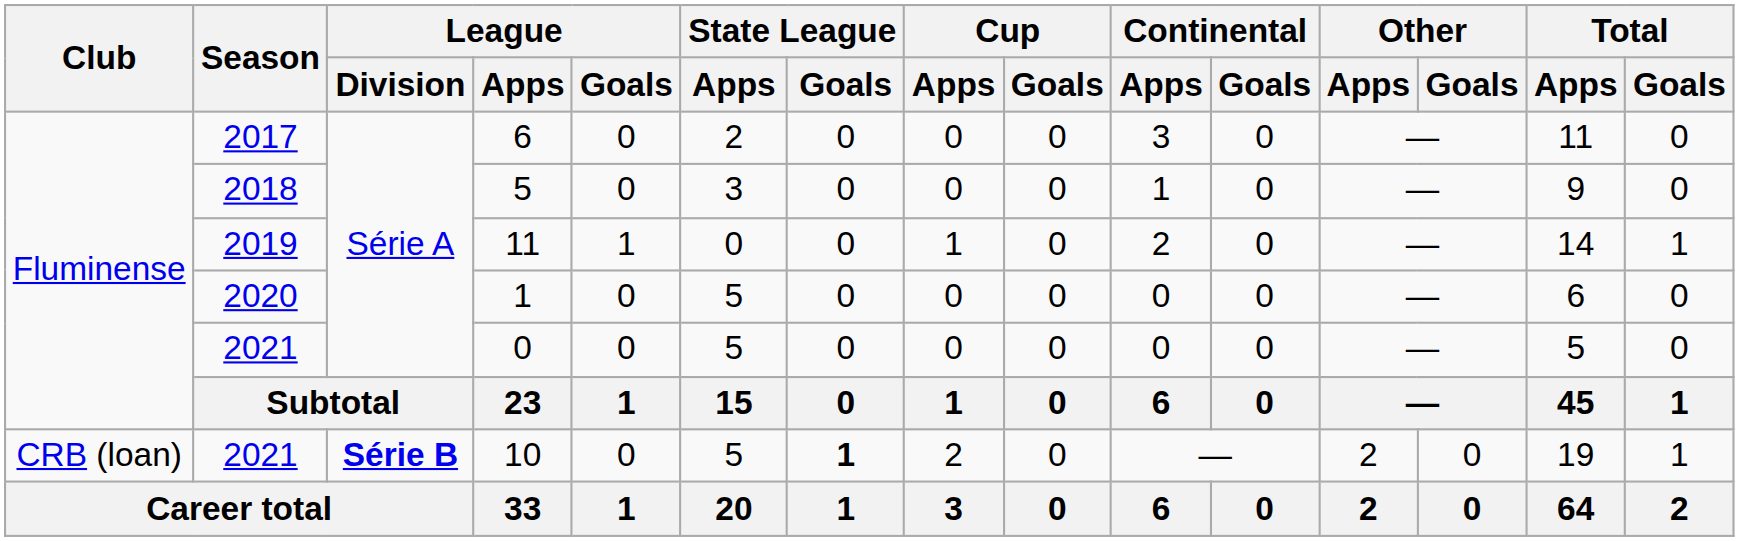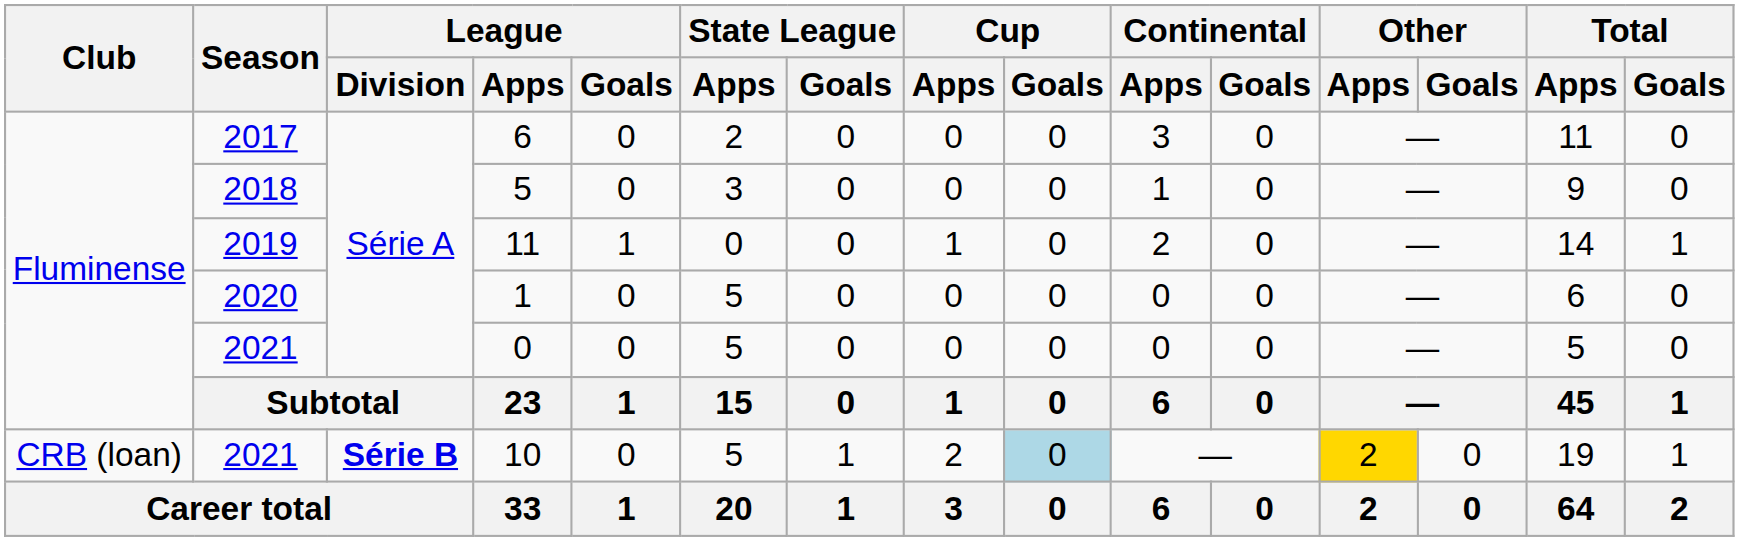 <table class="wikitable" style="text-align: center;">
 <tr>
 <th rowspan="2">Club</th>
 <th rowspan="2">Season</th>
 <th colspan="3">League</th>
 <th colspan="2">State League</th>
 <th colspan="2">Cup</th>
 <th colspan="2">Continental</th>
 <th colspan="2">Other</th>
 <th colspan="2">Total</th>
 </tr>
 <tr>
 <th>Division</th>
 <th>Apps</th>
 <th>Goals</th>
 <th>Apps</th>
 <th>Goals</th>
 <th>Apps</th>
 <th>Goals</th>
 <th>Apps</th>
 <th>Goals</th>
 <th>Apps</th>
 <th>Goals</th>
 <th>Apps</th>
 <th>Goals</th>
 </tr>
 <tr>
 <td rowspan="6" valign="center"><a href='#'>Fluminense</a></td>
 <td><a href='#'>2017</a></td>
 <td rowspan="5"><a href='#'>Série A</a></td>
 <td>6</td>
 <td>0</td>
 <td>2</td>
 <td>0</td>
 <td>0</td>
 <td>0</td>
 <td>3</td>
 <td>0</td>
 <td colspan="2">—</td>
 <td>11</td>
 <td>0</td>
 </tr>
 <tr>
 <td><a href='#'>2018</a></td>
 <td>5</td>
 <td>0</td>
 <td>3</td>
 <td>0</td>
 <td>0</td>
 <td>0</td>
 <td>1</td>
 <td>0</td>
 <td colspan="2">—</td>
 <td>9</td>
 <td>0</td>
 </tr>
 <tr>
 <td><a href='#'>2019</a></td>
 <td>11</td>
 <td>1</td>
 <td>0</td>
 <td>0</td>
 <td>1</td>
 <td>0</td>
 <td>2</td>
 <td>0</td>
 <td colspan="2">—</td>
 <td>14</td>
 <td>1</td>
 </tr>
 <tr>
 <td><a href='#'>2020</a></td>
 <td>1</td>
 <td>0</td>
 <td>5</td>
 <td>0</td>
 <td>0</td>
 <td>0</td>
 <td>0</td>
 <td>0</td>
 <td colspan="2">—</td>
 <td>6</td>
 <td>0</td>
 </tr>
 <tr>
 <td><a href='#'>2021</a></td>
 <td>0</td>
 <td>0</td>
 <td>5</td>
 <td>0</td>
 <td>0</td>
 <td>0</td>
 <td>0</td>
 <td>0</td>
 <td colspan="2">—</td>
 <td>5</td>
 <td>0</td>
 </tr>
 <tr>
 <th colspan="2">Subtotal</th>
 <th>23</th>
 <th>1</th>
 <th>15</th>
 <th>0</th>
 <th>1</th>
 <th>0</th>
 <th>6</th>
 <th>0</th>
 <th colspan="2">—</th>
 <th>45</th>
 <th>1</th>
 </tr>
 <tr>
 <td valign="center"><a href='#'>CRB</a> (loan)</td>
 <td><a href='#'>2021</a></td>
 <td><strong><a href='#'>Série B</a></strong></td>
 <td>10</td>
 <td>0</td>
 <td>5</td>
-<td><strong>1</strong></td>
+<td>1</td>
 <td>2</td>
-<td>0</td>
+<td style="background: lightblue;">0</td>
 <td colspan="2">—</td>
-<td>2</td>
+<td style="background: gold;">2</td>
 <td>0</td>
 <td>19</td>
 <td>1</td>
 </tr>
 <tr>
 <th colspan="3"><strong>Career total</strong></th>
 <th>33</th>
 <th>1</th>
 <th>20</th>
 <th>1</th>
 <th>3</th>
 <th>0</th>
 <th>6</th>
 <th>0</th>
 <th>2</th>
 <th>0</th>
 <th>64</th>
 <th>2</th>
 </tr>
 </table>
